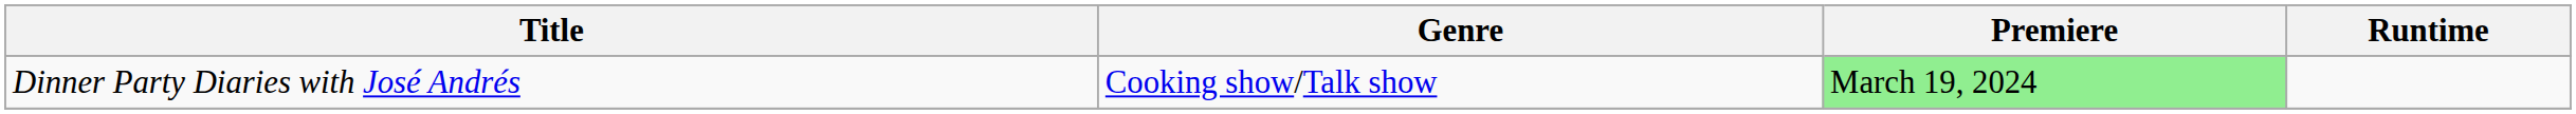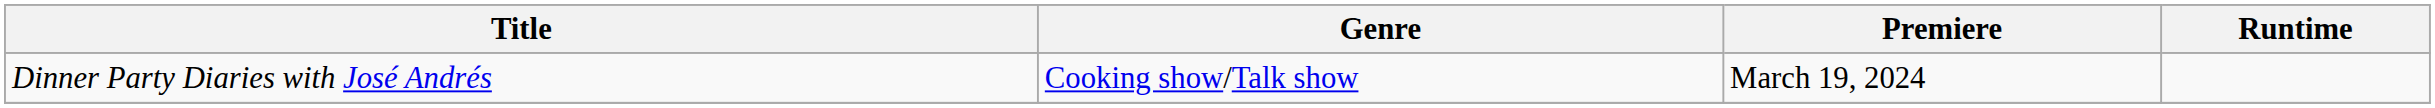 <table class="wikitable sortable" style="width:100%;">
 <tr>
 <th>Title</th>
 <th>Genre</th>
 <th>Premiere</th>
 <th>Runtime</th>
 </tr>
 <tr>
 <td><em>Dinner Party Diaries with <a href='#'>José Andrés</a></em></td>
 <td><a href='#'>Cooking show</a>/<a href='#'>Talk show</a></td>
-<td style="background: lightgreen;">March 19, 2024</td>
+<td>March 19, 2024</td>
 <td></td>
 </tr>
 <tr>
 </tr>
 </table>
